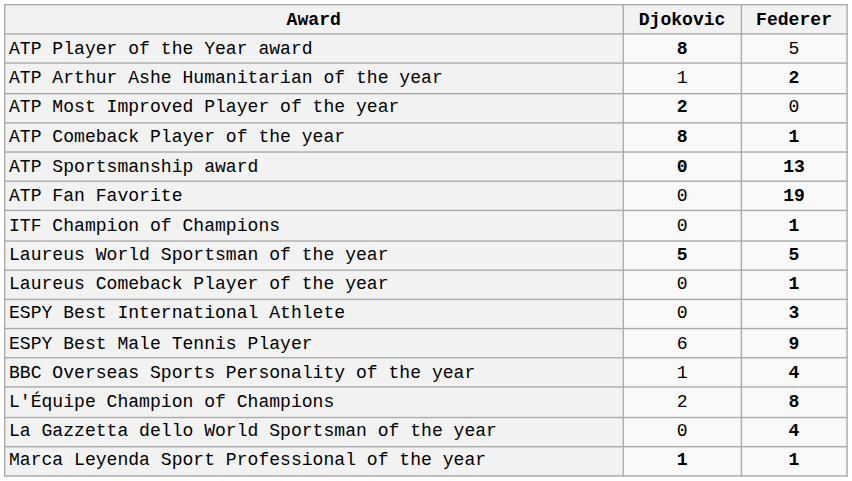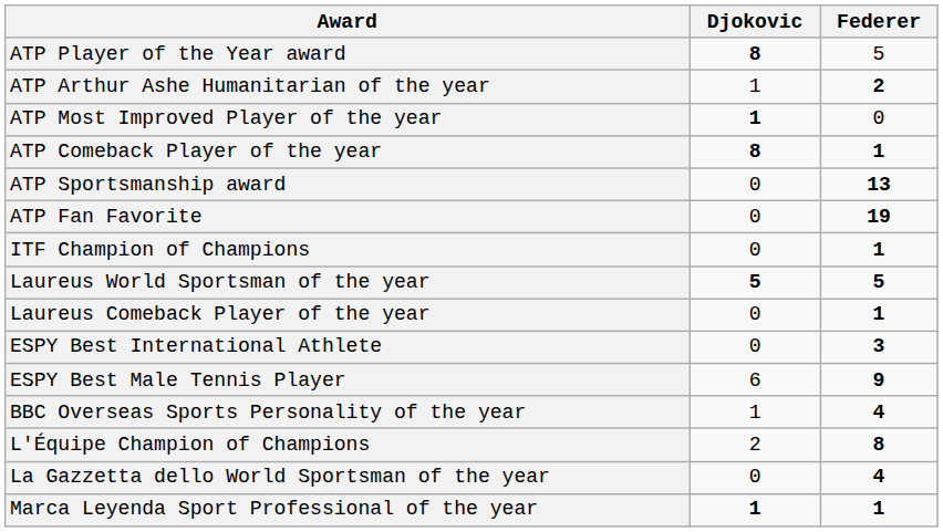 <table class=wikitable style="width:48%; vertical-align:top; text-align:center;">
 <tr>
 <th>Award</th>
 <th>Djokovic</th>
 <th>Federer</th>
 </tr>
 <tr>
 <td style="background:#F2F2F2; text-align: left;">ATP Player of the Year award</td>
 <td><strong>8</strong></td>
 <td>5</td>
 </tr>
 <tr>
 <td style="background:#F2F2F2; text-align: left;">ATP Arthur Ashe Humanitarian of the year</td>
 <td>1</td>
 <td><strong>2</strong></td>
 </tr>
 <tr>
 <td style="background:#F2F2F2; text-align: left;">ATP Most Improved Player of the year</td>
-<td><strong>2</strong></td>
+<td><strong>1</strong></td>
 <td>0</td>
 </tr>
 <tr>
 <td style="background:#F2F2F2; text-align: left;">ATP Comeback Player of the year</td>
 <td><strong>8</strong></td>
 <td><strong>1</strong></td>
 </tr>
 <tr>
 <td style="background:#F2F2F2; text-align: left;">ATP Sportsmanship award</td>
-<td><strong>0</strong></td>
+<td>0</td>
 <td><strong>13</strong></td>
 </tr>
 <tr>
 <td style="background:#F2F2F2; text-align: left;">ATP Fan Favorite</td>
 <td>0</td>
 <td><strong>19</strong></td>
 </tr>
 <tr>
 <td style="background:#F2F2F2; text-align: left;">ITF Champion of Champions</td>
 <td>0</td>
 <td><strong>1</strong></td>
 </tr>
 <tr>
 <td style="background:#F2F2F2; text-align: left;">Laureus World Sportsman of the year</td>
 <td><strong>5</strong></td>
 <td><strong>5</strong></td>
 </tr>
 <tr>
 <td style="background:#F2F2F2; text-align: left;">Laureus Comeback Player of the year</td>
 <td>0</td>
 <td><strong>1</strong></td>
 </tr>
 <tr>
 <td style="background:#F2F2F2; text-align: left;">ESPY Best International Athlete</td>
 <td>0</td>
 <td><strong>3</strong></td>
 </tr>
 <tr>
 <td style="background:#F2F2F2; text-align: left;">ESPY Best Male Tennis Player</td>
 <td>6</td>
 <td><strong>9</strong></td>
 </tr>
 <tr>
 <td style="background:#F2F2F2; text-align: left;">BBC Overseas Sports Personality of the year</td>
 <td>1</td>
 <td><strong>4</strong></td>
 </tr>
 <tr>
 <td style="background:#F2F2F2; text-align: left;">L'Équipe Champion of Champions</td>
 <td>2</td>
 <td><strong>8</strong></td>
 </tr>
 <tr>
 <td style="background:#F2F2F2; text-align: left;">La Gazzetta dello World Sportsman of the year</td>
 <td>0</td>
 <td><strong>4</strong></td>
 </tr>
 <tr>
 <td style="background:#F2F2F2; text-align: left;">Marca Leyenda Sport Professional of the year</td>
 <td><strong>1</strong></td>
 <td><strong>1</strong></td>
 </tr>
 </table>
